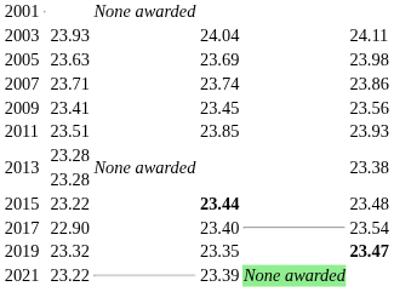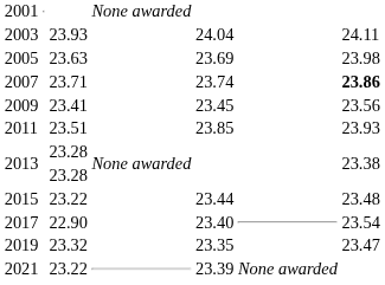 <table>
 <tr>
 <td>2001</td>
 <td><hr></td>
 <td></td>
 <td><em>None awarded</em></td>
 <td></td>
 <td></td>
 <td></td>
 </tr>
 <tr>
 <td>2003</td>
 <td></td>
 <td>23.93</td>
 <td></td>
 <td>24.04</td>
 <td></td>
 <td>24.11</td>
 </tr>
 <tr>
 <td>2005</td>
 <td></td>
 <td>23.63</td>
 <td></td>
 <td>23.69</td>
 <td></td>
 <td>23.98</td>
 </tr>
 <tr>
 <td>2007</td>
 <td></td>
 <td>23.71</td>
 <td></td>
 <td>23.74</td>
 <td></td>
-<td>23.86</td>
+<td><strong>23.86</strong></td>
 </tr>
 <tr>
 <td>2009</td>
 <td></td>
 <td>23.41</td>
 <td></td>
 <td>23.45</td>
 <td></td>
 <td>23.56</td>
 </tr>
 <tr>
 <td>2011</td>
 <td></td>
 <td>23.51</td>
 <td></td>
 <td>23.85</td>
 <td></td>
 <td>23.93</td>
 </tr>
 <tr>
 <td rowspan="2">2013</td>
 <td></td>
 <td>23.28</td>
 <td rowspan="2"><em>None awarded</em></td>
 <td rowspan="2"></td>
 <td rowspan="2"></td>
 <td rowspan="2">23.38</td>
 </tr>
 <tr>
 <td></td>
 <td>23.28</td>
 </tr>
 <tr>
 <td>2015</td>
 <td></td>
 <td>23.22</td>
 <td></td>
-<td><strong>23.44</strong></td>
+<td>23.44</td>
 <td></td>
 <td>23.48</td>
 </tr>
 <tr>
 <td>2017</td>
 <td></td>
 <td>22.90</td>
 <td></td>
 <td>23.40</td>
 <td><hr></td>
 <td>23.54</td>
 </tr>
 <tr>
 <td>2019</td>
 <td></td>
 <td>23.32</td>
 <td></td>
 <td>23.35</td>
 <td></td>
-<td><strong>23.47</strong></td>
+<td>23.47</td>
 </tr>
 <tr>
 <td>2021</td>
 <td></td>
 <td>23.22</td>
 <td><hr></td>
 <td>23.39</td>
-<td style="background: lightgreen;"><em>None awarded</em></td>
+<td><em>None awarded</em></td>
 <td></td>
 </tr>
 </table>
